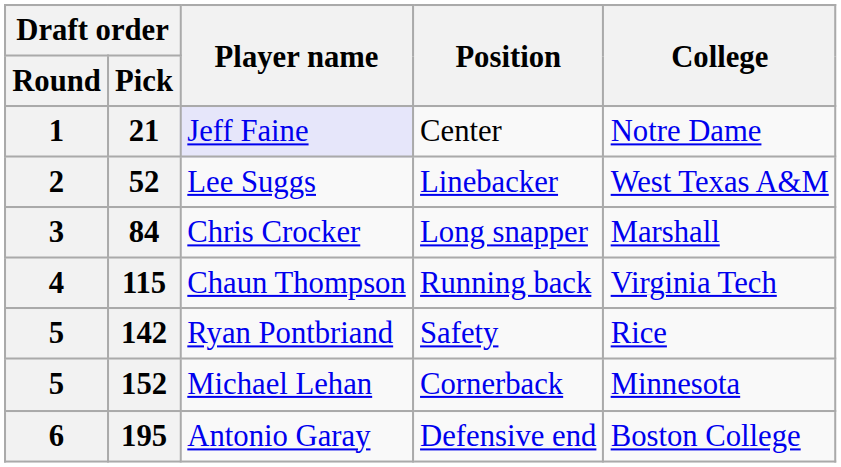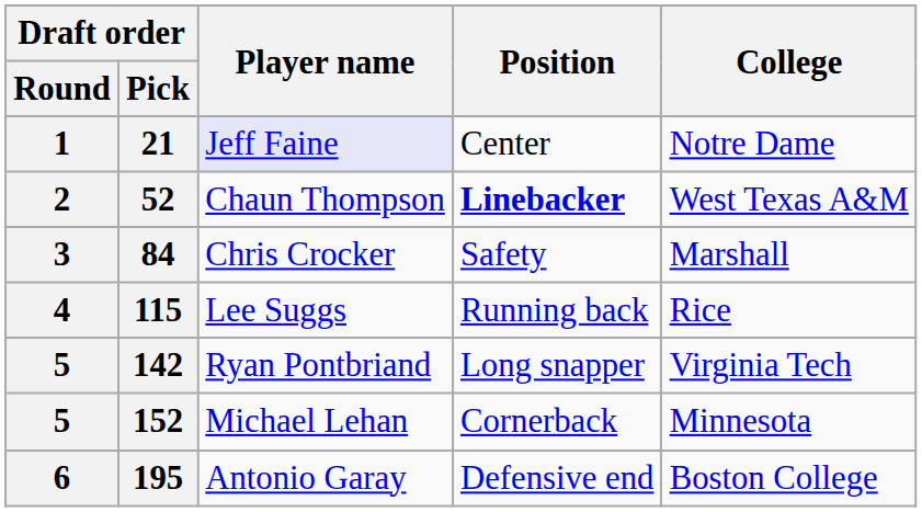 <table class="wikitable" style="font-size: 95%">
 <tr>
 <th colspan="2" style="text-align:center;">Draft order</th>
 <th rowspan="2" style="text-align:center;">Player name</th>
 <th rowspan="2" style="text-align:center;">Position</th>
 <th rowspan="2" style="text-align:center;">College</th>
 </tr>
 <tr>
 <th style="text-align:center;">Round</th>
 <th style="text-align:center;">Pick</th>
 </tr>
 <tr>
 <th style="text-align:center;">1</th>
 <th style="text-align:center;">21</th>
 <td style="background: lavender;"><a href='#'>Jeff Faine</a></td>
 <td>Center</td>
 <td><a href='#'>Notre Dame</a></td>
 </tr>
 <tr>
 <th style="text-align:center;">2</th>
 <th style="text-align:center;">52</th>
-<td><a href='#'>Lee Suggs</a></td>
-<td><a href='#'>Linebacker</a></td>
+<td><a href='#'>Chaun Thompson</a></td>
+<td><strong><a href='#'>Linebacker</a></strong></td>
 <td><a href='#'>West Texas A&M</a></td>
 </tr>
 <tr>
 <th style="text-align:center;">3</th>
 <th style="text-align:center;">84</th>
 <td><a href='#'>Chris Crocker</a></td>
-<td><a href='#'>Long snapper</a></td>
+<td><a href='#'>Safety</a></td>
 <td><a href='#'>Marshall</a></td>
 </tr>
 <tr>
 <th style="text-align:center;">4</th>
 <th style="text-align:center;">115</th>
-<td><a href='#'>Chaun Thompson</a></td>
+<td><a href='#'>Lee Suggs</a></td>
 <td><a href='#'>Running back</a></td>
-<td><a href='#'>Virginia Tech</a></td>
+<td><a href='#'>Rice</a></td>
 </tr>
 <tr>
 <th style="text-align:center;">5</th>
 <th style="text-align:center;">142</th>
 <td><a href='#'>Ryan Pontbriand</a></td>
-<td><a href='#'>Safety</a></td>
-<td><a href='#'>Rice</a></td>
+<td><a href='#'>Long snapper</a></td>
+<td><a href='#'>Virginia Tech</a></td>
 </tr>
 <tr>
 <th style="text-align:center;">5</th>
 <th style="text-align:center;">152</th>
 <td><a href='#'>Michael Lehan</a></td>
 <td><a href='#'>Cornerback</a></td>
 <td><a href='#'>Minnesota</a></td>
 </tr>
 <tr>
 <th style="text-align:center;">6</th>
 <th style="text-align:center;">195</th>
 <td><a href='#'>Antonio Garay</a></td>
 <td><a href='#'>Defensive end</a></td>
 <td><a href='#'>Boston College</a></td>
 </tr>
 </table>
